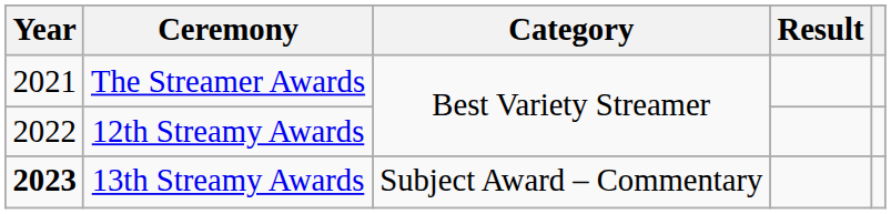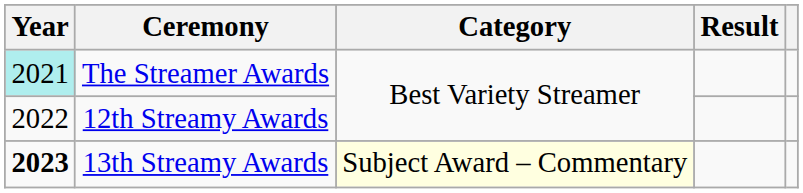 <table class="wikitable" style="text-align:center;">
 <tr>
 <th>Year</th>
 <th>Ceremony</th>
 <th>Category</th>
 <th>Result</th>
 <th></th>
 </tr>
 <tr>
-<td>2021</td>
+<td style="background: paleturquoise;">2021</td>
 <td><a href='#'>The Streamer Awards</a></td>
 <td rowspan="2">Best Variety Streamer</td>
 <td></td>
 <td></td>
 </tr>
 <tr>
 <td>2022</td>
 <td><a href='#'>12th Streamy Awards</a></td>
 <td></td>
 <td></td>
 </tr>
 <tr>
 <td><strong>2023</strong></td>
 <td><a href='#'>13th Streamy Awards</a></td>
-<td>Subject Award – Commentary</td>
+<td style="background: lightyellow;">Subject Award – Commentary</td>
 <td></td>
 <td></td>
 </tr>
 </table>
